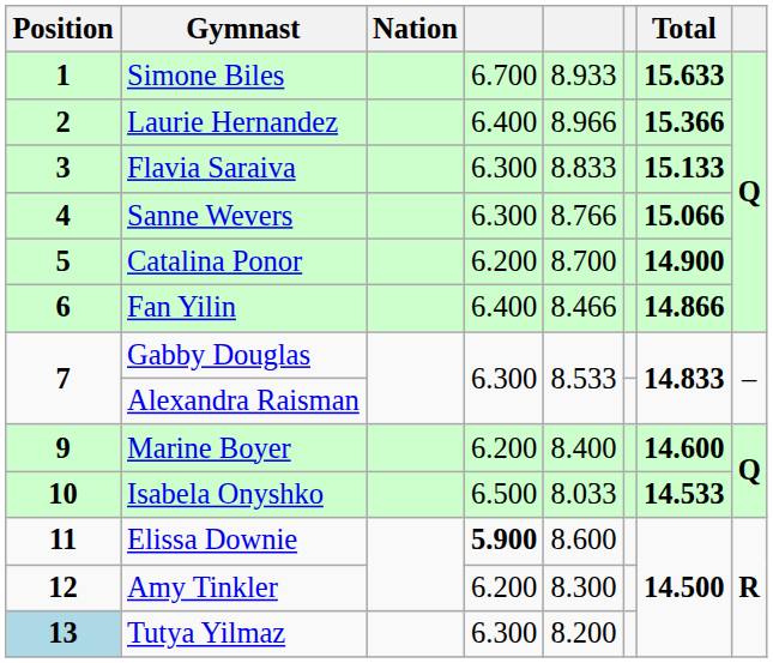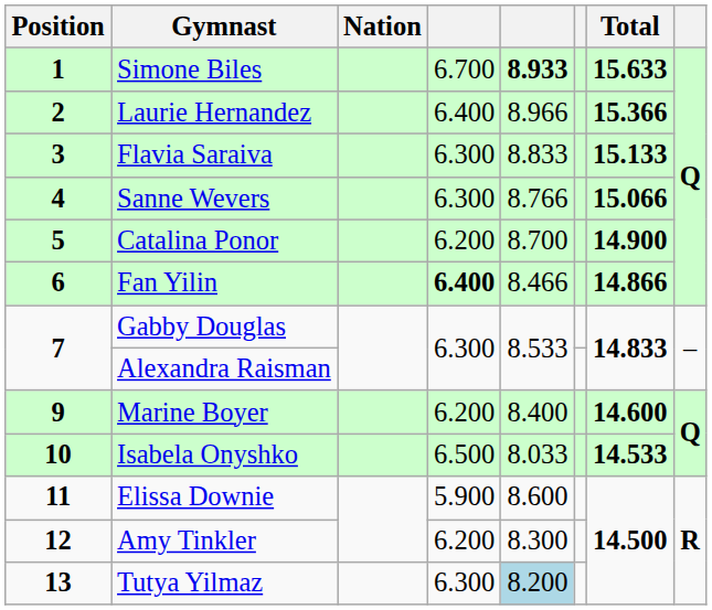 <table class="wikitable sortable" style="text-align:center;">
 <tr>
 <th scope="col" data-sort-type=number>Position</th>
 <th scope="col">Gymnast</th>
 <th scope="col">Nation</th>
 <th scope="col"></th>
 <th scope="col"></th>
 <th scope="col"></th>
 <th scope="col">Total</th>
 <th scope="col"></th>
 </tr>
 <tr bgcolor=ccffcc>
 <td scope=row><strong>1</strong></td>
 <td style="text-align:left;"><a href='#'>Simone Biles</a></td>
 <td style="text-align:left;"></td>
 <td>6.700</td>
-<td>8.933</td>
+<td><strong>8.933</strong></td>
 <td></td>
 <td><strong>15.633</strong></td>
 <td rowspan="6"><strong>Q</strong></td>
 </tr>
 <tr bgcolor=ccffcc>
 <td scope=row><strong>2</strong></td>
 <td style="text-align:left;"><a href='#'>Laurie Hernandez</a></td>
 <td style="text-align:left;"></td>
 <td>6.400</td>
 <td>8.966</td>
 <td></td>
 <td><strong>15.366</strong></td>
 </tr>
 <tr bgcolor=ccffcc>
 <td scope=row><strong>3</strong></td>
 <td style="text-align:left;"><a href='#'>Flavia Saraiva</a></td>
 <td style="text-align:left;"></td>
 <td>6.300</td>
 <td>8.833</td>
 <td></td>
 <td><strong>15.133</strong></td>
 </tr>
 <tr bgcolor=ccffcc>
 <td scope=row><strong>4</strong></td>
 <td style="text-align:left;"><a href='#'>Sanne Wevers</a></td>
 <td style="text-align:left;"></td>
 <td>6.300</td>
 <td>8.766</td>
 <td></td>
 <td><strong>15.066</strong></td>
 </tr>
 <tr bgcolor=ccffcc>
 <td scope=row><strong>5</strong></td>
 <td style="text-align:left;"><a href='#'>Catalina Ponor</a></td>
 <td style="text-align:left;"></td>
 <td>6.200</td>
 <td>8.700</td>
 <td></td>
 <td><strong>14.900</strong></td>
 </tr>
 <tr bgcolor=ccffcc>
 <td scope=row><strong>6</strong></td>
 <td style="text-align:left;"><a href='#'>Fan Yilin</a></td>
 <td style="text-align:left;"></td>
-<td>6.400</td>
+<td><strong>6.400</strong></td>
 <td>8.466</td>
 <td></td>
 <td><strong>14.866</strong></td>
 </tr>
 <tr>
 <td rowspan="2" scope=row><strong>7</strong></td>
 <td style="text-align:left;"><a href='#'>Gabby Douglas</a></td>
 <td rowspan="2" style="text-align:left;"></td>
 <td rowspan="2">6.300</td>
 <td rowspan="2">8.533</td>
 <td></td>
 <td rowspan="2"><strong>14.833</strong></td>
 <td rowspan="2">–</td>
 </tr>
 <tr>
 <td style="text-align:left;"><a href='#'>Alexandra Raisman</a></td>
 <td></td>
 </tr>
 <tr bgcolor=ccffcc>
 <td scope=row><strong>9</strong></td>
 <td style="text-align:left;"><a href='#'>Marine Boyer</a></td>
 <td style="text-align:left;"></td>
 <td>6.200</td>
 <td>8.400</td>
 <td></td>
 <td><strong>14.600</strong></td>
 <td rowspan="2"><strong> Q</strong></td>
 </tr>
 <tr bgcolor=ccffcc>
 <td scope=row><strong>10</strong></td>
 <td style="text-align:left;"><a href='#'>Isabela Onyshko</a></td>
 <td style="text-align:left;"></td>
 <td>6.500</td>
 <td>8.033</td>
 <td></td>
 <td><strong>14.533</strong></td>
 </tr>
 <tr>
 <td scope=row><strong>11</strong></td>
 <td style="text-align:left;"><a href='#'>Elissa Downie</a></td>
 <td rowspan="2" style="text-align:left;"></td>
-<td><strong>5.900</strong></td>
+<td>5.900</td>
 <td>8.600</td>
 <td></td>
 <td rowspan="3"><strong>14.500</strong></td>
 <td rowspan="3"><strong>R</strong></td>
 </tr>
 <tr>
 <td scope=row><strong>12</strong></td>
 <td style="text-align:left;"><a href='#'>Amy Tinkler</a></td>
 <td>6.200</td>
 <td>8.300</td>
 <td></td>
 </tr>
 <tr>
-<td scope=row style="background: lightblue;"><strong>13</strong></td>
+<td scope=row><strong>13</strong></td>
 <td style="text-align:left;"><a href='#'>Tutya Yilmaz</a></td>
 <td style="text-align:left;"></td>
 <td>6.300</td>
-<td>8.200</td>
+<td style="background: lightblue;">8.200</td>
 <td></td>
 </tr>
 </table>
